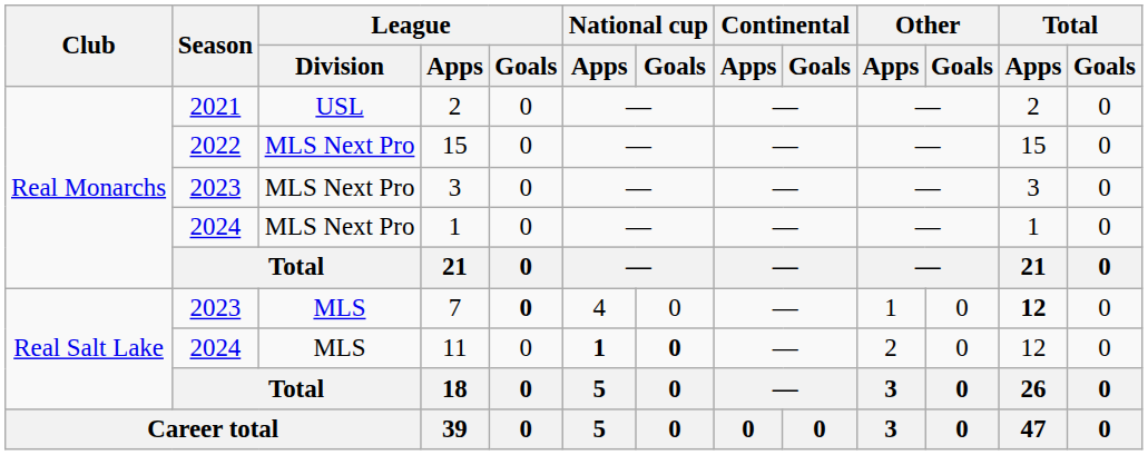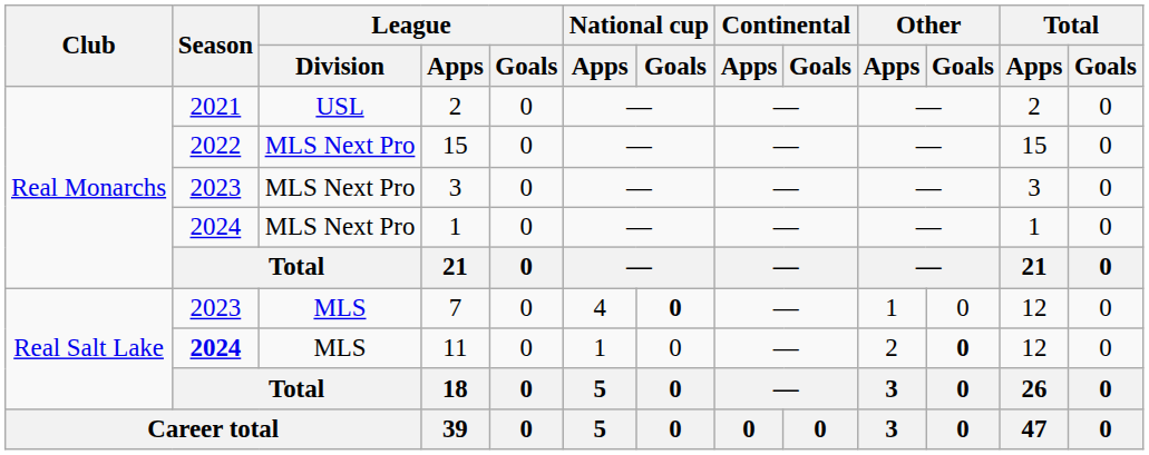 <table class=wikitable style=text-align:center>
 <tr>
 <th rowspan=2>Club</th>
 <th rowspan=2>Season</th>
 <th colspan=3>League</th>
 <th colspan=2>National cup</th>
 <th colspan=2>Continental</th>
 <th colspan=2>Other</th>
 <th colspan=2>Total</th>
 </tr>
 <tr>
 <th>Division</th>
 <th>Apps</th>
 <th>Goals</th>
 <th>Apps</th>
 <th>Goals</th>
 <th>Apps</th>
 <th>Goals</th>
 <th>Apps</th>
 <th>Goals</th>
 <th>Apps</th>
 <th>Goals</th>
 </tr>
 <tr>
 <td rowspan=5><a href='#'>Real Monarchs</a></td>
 <td><a href='#'>2021</a></td>
 <td><a href='#'>USL</a></td>
 <td>2</td>
 <td>0</td>
 <td colspan=2>—</td>
 <td colspan=2>—</td>
 <td colspan=2>—</td>
 <td>2</td>
 <td>0</td>
 </tr>
 <tr>
 <td><a href='#'>2022</a></td>
 <td><a href='#'>MLS Next Pro</a></td>
 <td>15</td>
 <td>0</td>
 <td colspan=2>—</td>
 <td colspan=2>—</td>
 <td colspan=2>—</td>
 <td>15</td>
 <td>0</td>
 </tr>
 <tr>
 <td><a href='#'>2023</a></td>
 <td>MLS Next Pro</td>
 <td>3</td>
 <td>0</td>
 <td colspan=2>—</td>
 <td colspan=2>—</td>
 <td colspan=2>—</td>
 <td>3</td>
 <td>0</td>
 </tr>
 <tr>
 <td><a href='#'>2024</a></td>
 <td>MLS Next Pro</td>
 <td>1</td>
 <td>0</td>
 <td colspan=2>—</td>
 <td colspan=2>—</td>
 <td colspan=2>—</td>
 <td>1</td>
 <td>0</td>
 </tr>
 <tr>
 <th colspan=2>Total</th>
 <th>21</th>
 <th>0</th>
 <th colspan=2>—</th>
 <th colspan=2>—</th>
 <th colspan=2>—</th>
 <th>21</th>
 <th>0</th>
 </tr>
 <tr>
 <td rowspan=3><a href='#'>Real Salt Lake</a></td>
 <td><a href='#'>2023</a></td>
 <td><a href='#'>MLS</a></td>
 <td>7</td>
+<td>0</td>
+<td>4</td>
 <td><strong>0</strong></td>
-<td>4</td>
-<td>0</td>
 <td colspan=2>—</td>
 <td>1</td>
 <td>0</td>
-<td><strong>12</strong></td>
+<td>12</td>
 <td>0</td>
 </tr>
 <tr>
-<td><a href='#'>2024</a></td>
+<td><strong><a href='#'>2024</a></strong></td>
 <td>MLS</td>
 <td>11</td>
 <td>0</td>
-<td><strong>1</strong></td>
-<td><strong>0</strong></td>
+<td>1</td>
+<td>0</td>
 <td colspan=2>—</td>
 <td>2</td>
-<td>0</td>
+<td><strong>0</strong></td>
 <td>12</td>
 <td>0</td>
 </tr>
 <tr>
 <th colspan=2>Total</th>
 <th>18</th>
 <th>0</th>
 <th>5</th>
 <th>0</th>
 <th colspan=2>—</th>
 <th>3</th>
 <th>0</th>
 <th>26</th>
 <th>0</th>
 </tr>
 <tr>
 <th colspan=3>Career total</th>
 <th>39</th>
 <th>0</th>
 <th>5</th>
 <th>0</th>
 <th>0</th>
 <th>0</th>
 <th>3</th>
 <th>0</th>
 <th>47</th>
 <th>0</th>
 </tr>
 </table>
